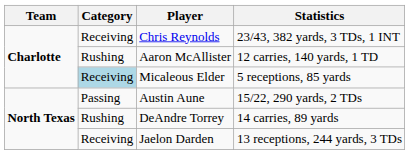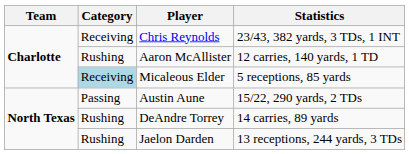 <table class="wikitable" style="float: left;">
 <tr>
 <th>Team</th>
 <th>Category</th>
 <th>Player</th>
 <th>Statistics</th>
 </tr>
 <tr>
 <td rowspan=3><strong>Charlotte</strong></td>
 <td>Receiving</td>
 <td><a href='#'>Chris Reynolds</a></td>
 <td>23/43, 382 yards, 3 TDs, 1 INT</td>
 </tr>
 <tr>
 <td>Rushing</td>
 <td>Aaron McAllister</td>
 <td>12 carries, 140 yards, 1 TD</td>
 </tr>
 <tr>
 <td style="background: lightblue;">Receiving</td>
 <td>Micaleous Elder</td>
 <td>5 receptions, 85 yards</td>
 </tr>
 <tr>
 <td rowspan=3><strong>North Texas</strong></td>
 <td>Passing</td>
 <td>Austin Aune</td>
 <td>15/22, 290 yards, 2 TDs</td>
 </tr>
 <tr>
 <td>Rushing</td>
 <td>DeAndre Torrey</td>
 <td>14 carries, 89 yards</td>
 </tr>
 <tr>
-<td>Receiving</td>
+<td>Rushing</td>
 <td>Jaelon Darden</td>
 <td>13 receptions, 244 yards, 3 TDs</td>
 </tr>
 </table>
